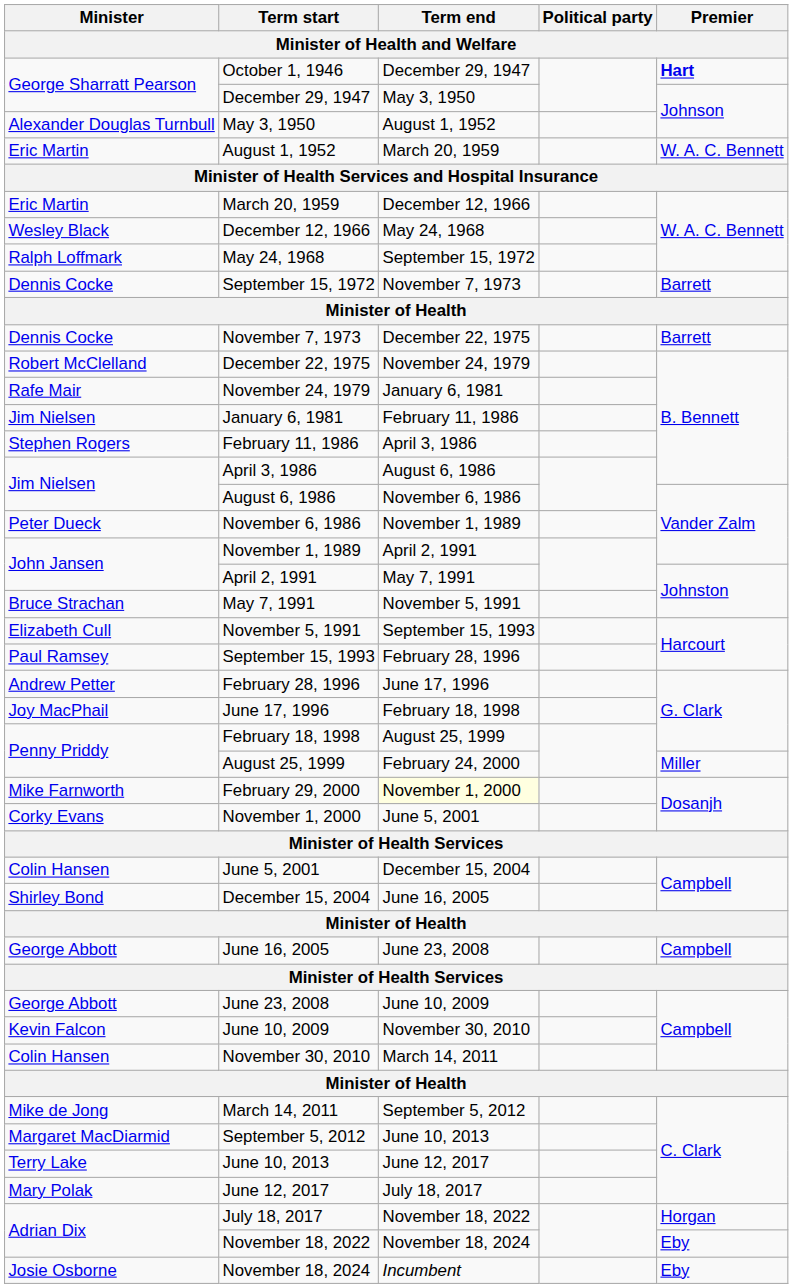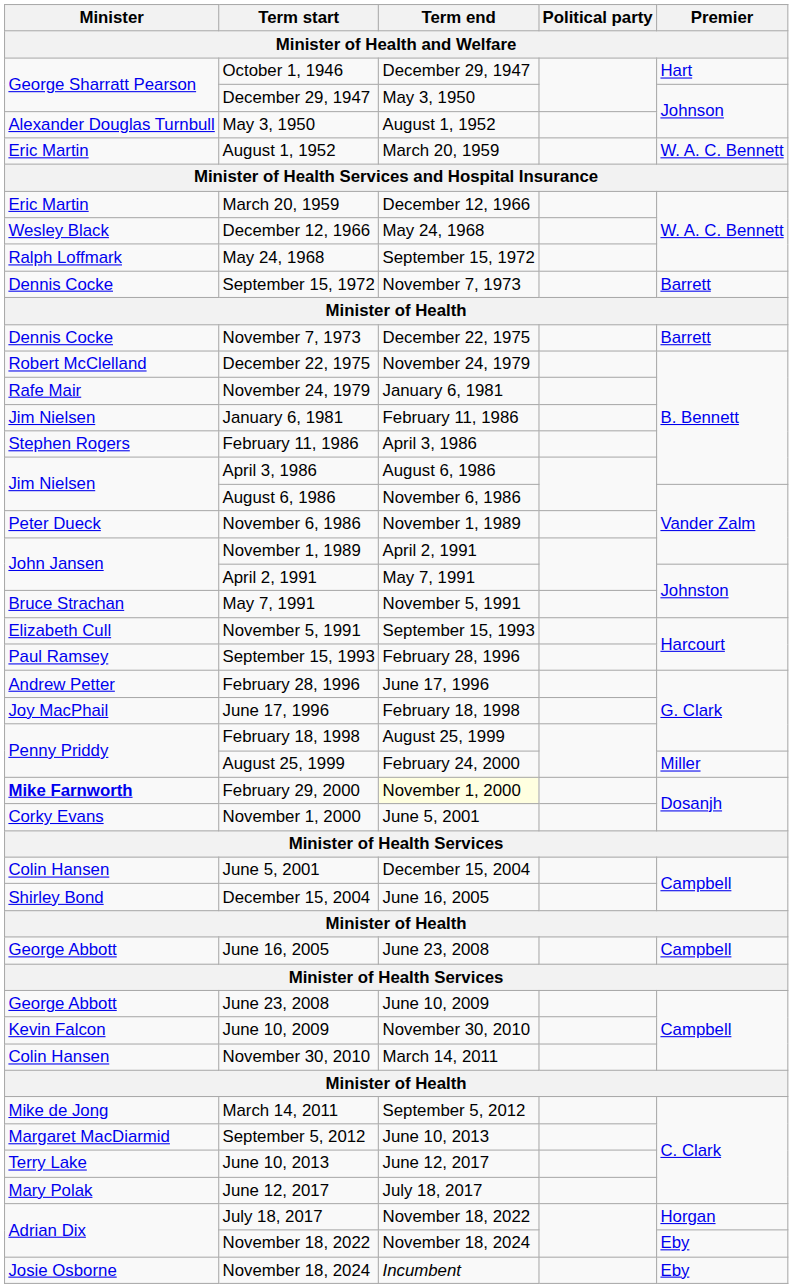 <table class="wikitable">
 <tr>
 <th>Minister</th>
 <th>Term start</th>
 <th>Term end</th>
 <th>Political party</th>
 <th>Premier</th>
 </tr>
 <tr>
 <th colspan="5">Minister of Health and Welfare</th>
 </tr>
 <tr>
 <td rowspan="2"><a href='#'>George Sharratt Pearson</a></td>
 <td>October 1, 1946</td>
 <td>December 29, 1947</td>
 <td rowspan="2"></td>
-<td><strong><a href='#'>Hart</a></strong></td>
+<td><a href='#'>Hart</a></td>
 </tr>
 <tr>
 <td>December 29, 1947</td>
 <td>May 3, 1950</td>
 <td rowspan="2"><a href='#'>Johnson</a></td>
 </tr>
 <tr>
 <td><a href='#'>Alexander Douglas Turnbull</a></td>
 <td>May 3, 1950</td>
 <td>August 1, 1952</td>
 <td></td>
 </tr>
 <tr>
 <td><a href='#'>Eric Martin</a></td>
 <td>August 1, 1952</td>
 <td>March 20, 1959</td>
 <td></td>
 <td><a href='#'>W. A. C. Bennett</a></td>
 </tr>
 <tr>
 <th colspan="5">Minister of Health Services and Hospital Insurance</th>
 </tr>
 <tr>
 <td><a href='#'>Eric Martin</a></td>
 <td>March 20, 1959</td>
 <td>December 12, 1966</td>
 <td></td>
 <td rowspan="3"><a href='#'>W. A. C. Bennett</a></td>
 </tr>
 <tr>
 <td><a href='#'>Wesley Black</a></td>
 <td>December 12, 1966</td>
 <td>May 24, 1968</td>
 <td></td>
 </tr>
 <tr>
 <td><a href='#'>Ralph Loffmark</a></td>
 <td>May 24, 1968</td>
 <td>September 15, 1972</td>
 <td></td>
 </tr>
 <tr>
 <td><a href='#'>Dennis Cocke</a></td>
 <td>September 15, 1972</td>
 <td>November 7, 1973</td>
 <td></td>
 <td><a href='#'>Barrett</a></td>
 </tr>
 <tr>
 <th colspan="5">Minister of Health</th>
 </tr>
 <tr>
 <td><a href='#'>Dennis Cocke</a></td>
 <td>November 7, 1973</td>
 <td>December 22, 1975</td>
 <td></td>
 <td><a href='#'>Barrett</a></td>
 </tr>
 <tr>
 <td><a href='#'>Robert McClelland</a></td>
 <td>December 22, 1975</td>
 <td>November 24, 1979</td>
 <td></td>
 <td rowspan="5"><a href='#'>B. Bennett</a></td>
 </tr>
 <tr>
 <td><a href='#'>Rafe Mair</a></td>
 <td>November 24, 1979</td>
 <td>January 6, 1981</td>
 <td></td>
 </tr>
 <tr>
 <td><a href='#'>Jim Nielsen</a></td>
 <td>January 6, 1981</td>
 <td>February 11, 1986</td>
 <td></td>
 </tr>
 <tr>
 <td><a href='#'>Stephen Rogers</a></td>
 <td>February 11, 1986</td>
 <td>April 3, 1986</td>
 <td></td>
 </tr>
 <tr>
 <td rowspan="2"><a href='#'>Jim Nielsen</a></td>
 <td>April 3, 1986</td>
 <td>August 6, 1986</td>
 <td rowspan="2"></td>
 </tr>
 <tr>
 <td>August 6, 1986</td>
 <td>November 6, 1986</td>
 <td rowspan="3"><a href='#'>Vander Zalm</a></td>
 </tr>
 <tr>
 <td><a href='#'>Peter Dueck</a></td>
 <td>November 6, 1986</td>
 <td>November 1, 1989</td>
 <td></td>
 </tr>
 <tr>
 <td rowspan="2"><a href='#'>John Jansen</a></td>
 <td>November 1, 1989</td>
 <td>April 2, 1991</td>
 <td rowspan="2"></td>
 </tr>
 <tr>
 <td>April 2, 1991</td>
 <td>May 7, 1991</td>
 <td rowspan="2"><a href='#'>Johnston</a></td>
 </tr>
 <tr>
 <td><a href='#'>Bruce Strachan</a></td>
 <td>May 7, 1991</td>
 <td>November 5, 1991</td>
 <td></td>
 </tr>
 <tr>
 <td><a href='#'>Elizabeth Cull</a></td>
 <td>November 5, 1991</td>
 <td>September 15, 1993</td>
 <td></td>
 <td rowspan="2"><a href='#'>Harcourt</a></td>
 </tr>
 <tr>
 <td><a href='#'>Paul Ramsey</a></td>
 <td>September 15, 1993</td>
 <td>February 28, 1996</td>
 <td></td>
 </tr>
 <tr>
 <td><a href='#'>Andrew Petter</a></td>
 <td>February 28, 1996</td>
 <td>June 17, 1996</td>
 <td></td>
 <td rowspan="3"><a href='#'>G. Clark</a></td>
 </tr>
 <tr>
 <td><a href='#'>Joy MacPhail</a></td>
 <td>June 17, 1996</td>
 <td>February 18, 1998</td>
 <td></td>
 </tr>
 <tr>
 <td rowspan="2"><a href='#'>Penny Priddy</a></td>
 <td>February 18, 1998</td>
 <td>August 25, 1999</td>
 <td rowspan="2"></td>
 </tr>
 <tr>
 <td>August 25, 1999</td>
 <td>February 24, 2000</td>
 <td><a href='#'>Miller</a></td>
 </tr>
 <tr>
-<td><a href='#'>Mike Farnworth</a></td>
+<td><strong><a href='#'>Mike Farnworth</a></strong></td>
 <td>February 29, 2000</td>
 <td style="background: lightyellow;">November 1, 2000</td>
 <td></td>
 <td rowspan="2"><a href='#'>Dosanjh</a></td>
 </tr>
 <tr>
 <td><a href='#'>Corky Evans</a></td>
 <td>November 1, 2000</td>
 <td>June 5, 2001</td>
 <td></td>
 </tr>
 <tr>
 <th colspan="5">Minister of Health Services</th>
 </tr>
 <tr>
 <td><a href='#'>Colin Hansen</a></td>
 <td>June 5, 2001</td>
 <td>December 15, 2004</td>
 <td></td>
 <td rowspan="2"><a href='#'>Campbell</a></td>
 </tr>
 <tr>
 <td><a href='#'>Shirley Bond</a></td>
 <td>December 15, 2004</td>
 <td>June 16, 2005</td>
 <td></td>
 </tr>
 <tr>
 <th colspan="5">Minister of Health</th>
 </tr>
 <tr>
 <td><a href='#'>George Abbott</a></td>
 <td>June 16, 2005</td>
 <td>June 23, 2008</td>
 <td></td>
 <td><a href='#'>Campbell</a></td>
 </tr>
 <tr>
 <th colspan="5">Minister of Health Services</th>
 </tr>
 <tr>
 <td><a href='#'>George Abbott</a></td>
 <td>June 23, 2008</td>
 <td>June 10, 2009</td>
 <td></td>
 <td rowspan="3"><a href='#'>Campbell</a></td>
 </tr>
 <tr>
 <td><a href='#'>Kevin Falcon</a></td>
 <td>June 10, 2009</td>
 <td>November 30, 2010</td>
 <td></td>
 </tr>
 <tr>
 <td><a href='#'>Colin Hansen</a></td>
 <td>November 30, 2010</td>
 <td>March 14, 2011</td>
 <td></td>
 </tr>
 <tr>
 <th colspan="5">Minister of Health</th>
 </tr>
 <tr>
 <td><a href='#'>Mike de Jong</a></td>
 <td>March 14, 2011</td>
 <td>September 5, 2012</td>
 <td></td>
 <td rowspan="4"><a href='#'>C. Clark</a></td>
 </tr>
 <tr>
 <td><a href='#'>Margaret MacDiarmid</a></td>
 <td>September 5, 2012</td>
 <td>June 10, 2013</td>
 <td></td>
 </tr>
 <tr>
 <td><a href='#'>Terry Lake</a></td>
 <td>June 10, 2013</td>
 <td>June 12, 2017</td>
 <td></td>
 </tr>
 <tr>
 <td><a href='#'>Mary Polak</a></td>
 <td>June 12, 2017</td>
 <td>July 18, 2017</td>
 <td></td>
 </tr>
 <tr>
 <td rowspan="2"><a href='#'>Adrian Dix</a></td>
 <td>July 18, 2017</td>
 <td>November 18, 2022</td>
 <td rowspan="2"></td>
 <td><a href='#'>Horgan</a></td>
 </tr>
 <tr>
 <td>November 18, 2022</td>
 <td>November 18, 2024</td>
 <td><a href='#'>Eby</a></td>
 </tr>
 <tr>
 <td><a href='#'>Josie Osborne</a></td>
 <td>November 18, 2024</td>
 <td><em>Incumbent</em></td>
 <td></td>
 <td><a href='#'>Eby</a></td>
 </tr>
 </table>
